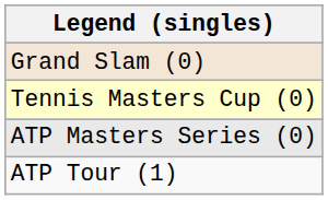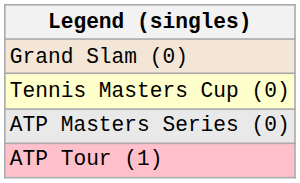 <table class="wikitable sortable mw-collapsible mw-collapsed">
 <tr>
 <th>Legend (singles)</th>
 </tr>
 <tr style="background:#f3e6d7;">
 <td>Grand Slam (0)</td>
 </tr>
 <tr style="background:#ffffcc;">
 <td>Tennis Masters Cup (0)</td>
 </tr>
 <tr style="background:#e9e9e9;">
 <td>ATP Masters Series (0)</td>
 </tr>
 <tr>
-<td>ATP Tour (1)</td>
+<td style="background: pink;">ATP Tour (1)</td>
 </tr>
 </table>
